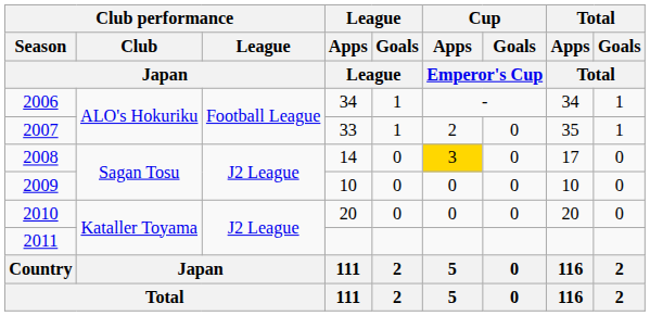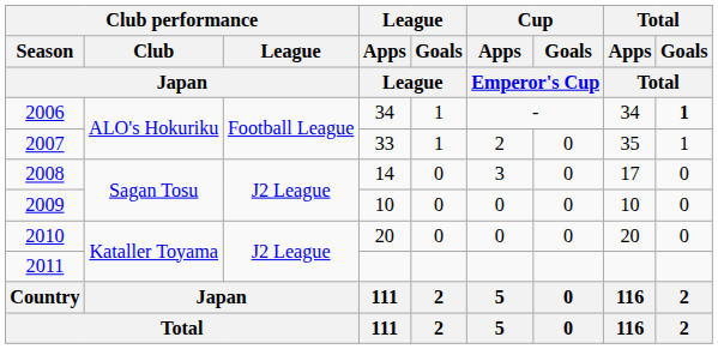 <table class="wikitable" style="text-align:center;">
 <tr>
 <th colspan=3>Club performance</th>
 <th colspan=2>League</th>
 <th colspan=2>Cup</th>
 <th colspan=2>Total</th>
 </tr>
 <tr>
 <th>Season</th>
 <th>Club</th>
 <th>League</th>
 <th>Apps</th>
 <th>Goals</th>
 <th>Apps</th>
 <th>Goals</th>
 <th>Apps</th>
 <th>Goals</th>
 </tr>
 <tr>
 <th colspan=3>Japan</th>
 <th colspan=2>League</th>
 <th colspan=2><a href='#'>Emperor's Cup</a></th>
 <th colspan=2>Total</th>
 </tr>
 <tr>
 <td><a href='#'>2006</a></td>
 <td rowspan="2"><a href='#'>ALO's Hokuriku</a></td>
 <td rowspan="2"><a href='#'>Football League</a></td>
 <td>34</td>
 <td>1</td>
 <td colspan="2">-</td>
 <td>34</td>
-<td>1</td>
+<td><strong>1</strong></td>
 </tr>
 <tr>
 <td><a href='#'>2007</a></td>
 <td>33</td>
 <td>1</td>
 <td>2</td>
 <td>0</td>
 <td>35</td>
 <td>1</td>
 </tr>
 <tr>
 <td><a href='#'>2008</a></td>
 <td rowspan="2"><a href='#'>Sagan Tosu</a></td>
 <td rowspan="2"><a href='#'>J2 League</a></td>
 <td>14</td>
 <td>0</td>
-<td style="background: gold;">3</td>
+<td>3</td>
 <td>0</td>
 <td>17</td>
 <td>0</td>
 </tr>
 <tr>
 <td><a href='#'>2009</a></td>
 <td>10</td>
 <td>0</td>
 <td>0</td>
 <td>0</td>
 <td>10</td>
 <td>0</td>
 </tr>
 <tr>
 <td><a href='#'>2010</a></td>
 <td rowspan="2"><a href='#'>Kataller Toyama</a></td>
 <td rowspan="2"><a href='#'>J2 League</a></td>
 <td>20</td>
 <td>0</td>
 <td>0</td>
 <td>0</td>
 <td>20</td>
 <td>0</td>
 </tr>
 <tr>
 <td><a href='#'>2011</a></td>
 <td></td>
 <td></td>
 <td></td>
 <td></td>
 <td></td>
 <td></td>
 </tr>
 <tr>
 <th rowspan=1>Country</th>
 <th colspan=2>Japan</th>
 <th>111</th>
 <th>2</th>
 <th>5</th>
 <th>0</th>
 <th>116</th>
 <th>2</th>
 </tr>
 <tr>
 <th colspan=3>Total</th>
 <th>111</th>
 <th>2</th>
 <th>5</th>
 <th>0</th>
 <th>116</th>
 <th>2</th>
 </tr>
 </table>
